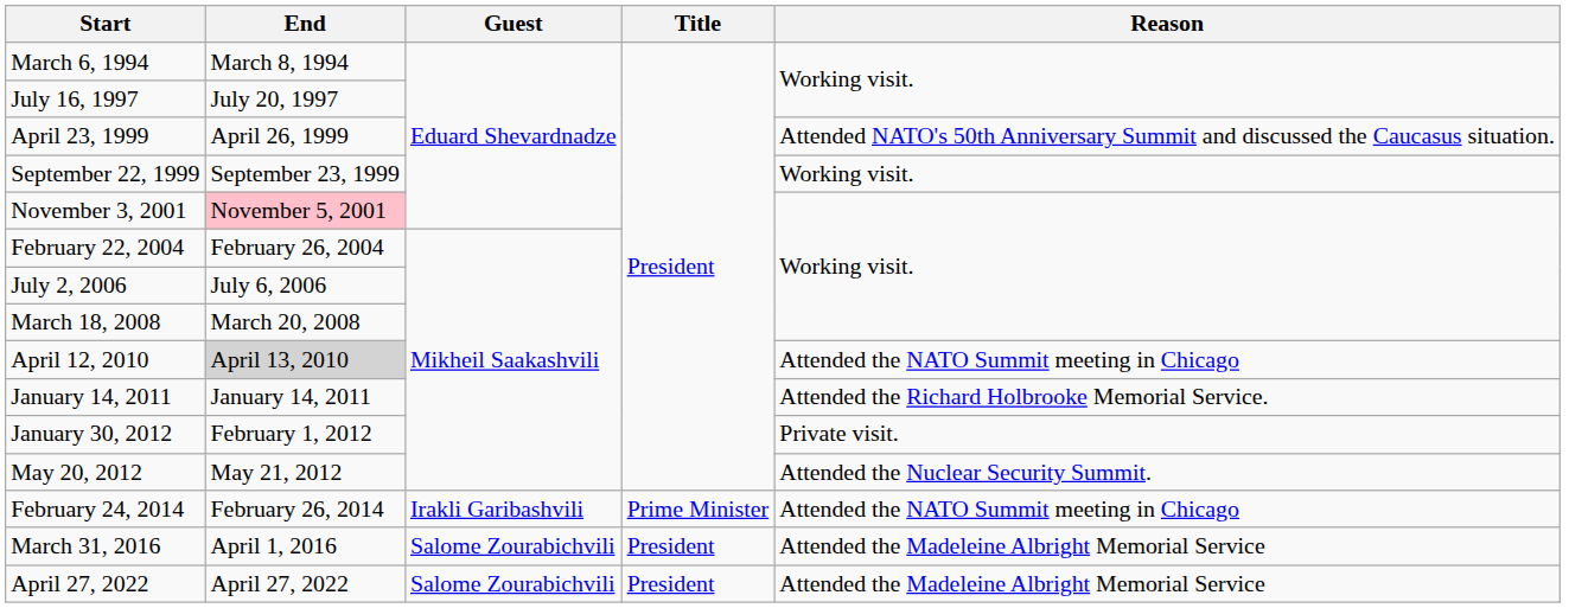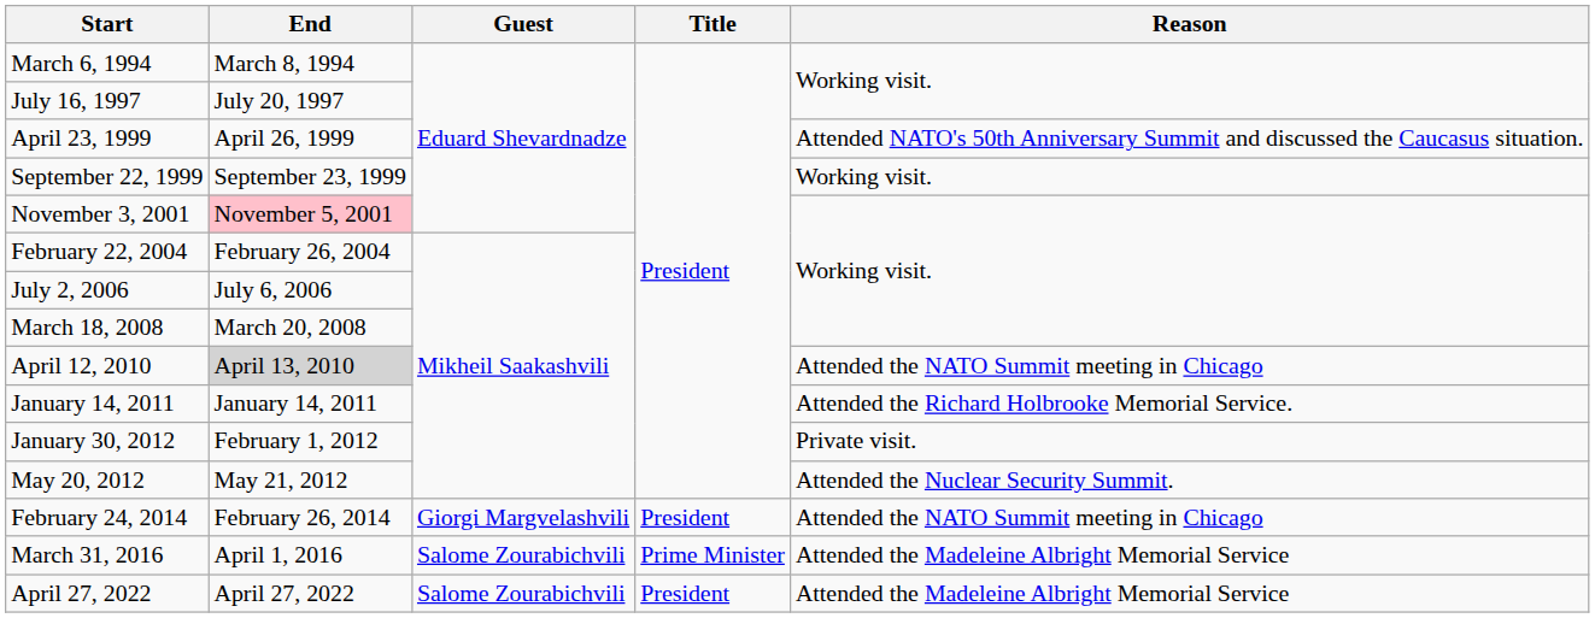 <table class="wikitable sortable">
 <tr>
 <th>Start</th>
 <th>End</th>
 <th>Guest</th>
 <th>Title</th>
 <th>Reason</th>
 </tr>
 <tr>
 <td>March 6, 1994</td>
 <td>March 8, 1994</td>
 <td rowspan=5><a href='#'>Eduard Shevardnadze</a></td>
 <td rowspan=12><a href='#'>President</a></td>
 <td rowspan=2>Working visit.</td>
 </tr>
 <tr>
 <td>July 16, 1997</td>
 <td>July 20, 1997</td>
 </tr>
 <tr>
 <td>April 23, 1999</td>
 <td>April 26, 1999</td>
 <td>Attended <a href='#'>NATO's 50th Anniversary Summit</a> and discussed the <a href='#'>Caucasus</a> situation.</td>
 </tr>
 <tr>
 <td>September 22, 1999</td>
 <td>September 23, 1999</td>
 <td>Working visit.</td>
 </tr>
 <tr>
 <td>November 3, 2001</td>
 <td style="background: pink;">November 5, 2001</td>
 <td rowspan=4>Working visit.</td>
 </tr>
 <tr>
 <td>February 22, 2004</td>
 <td>February 26, 2004</td>
 <td rowspan=7><a href='#'>Mikheil Saakashvili</a></td>
 </tr>
 <tr>
 <td>July 2, 2006</td>
 <td>July 6, 2006</td>
 </tr>
 <tr>
 <td>March 18, 2008</td>
 <td>March 20, 2008</td>
 </tr>
 <tr>
 <td>April 12, 2010</td>
 <td style="background: lightgrey;">April 13, 2010</td>
 <td>Attended the <a href='#'>NATO Summit</a> meeting in <a href='#'>Chicago</a></td>
 </tr>
 <tr>
 <td>January 14, 2011</td>
 <td>January 14, 2011</td>
 <td>Attended the <a href='#'>Richard Holbrooke</a> Memorial Service.</td>
 </tr>
 <tr>
 <td>January 30, 2012</td>
 <td>February 1, 2012</td>
 <td>Private visit.</td>
 </tr>
 <tr>
 <td>May 20, 2012</td>
 <td>May 21, 2012</td>
 <td>Attended the <a href='#'>Nuclear Security Summit</a>.</td>
 </tr>
 <tr>
 <td>February 24, 2014</td>
 <td>February 26, 2014</td>
-<td><a href='#'>Irakli Garibashvili</a></td>
-<td><a href='#'>Prime Minister</a></td>
+<td><a href='#'>Giorgi Margvelashvili</a></td>
+<td><a href='#'>President</a></td>
 <td>Attended the <a href='#'>NATO Summit</a> meeting in <a href='#'>Chicago</a></td>
 </tr>
 <tr>
 <td>March 31, 2016</td>
 <td>April 1, 2016</td>
 <td><a href='#'>Salome Zourabichvili</a></td>
-<td><a href='#'>President</a></td>
+<td><a href='#'>Prime Minister</a></td>
 <td>Attended the <a href='#'>Madeleine Albright</a> Memorial Service</td>
 </tr>
 <tr>
 <td>April 27, 2022</td>
 <td>April 27, 2022</td>
 <td><a href='#'>Salome Zourabichvili</a></td>
 <td><a href='#'>President</a></td>
 <td>Attended the <a href='#'>Madeleine Albright</a> Memorial Service</td>
 </tr>
 </table>
